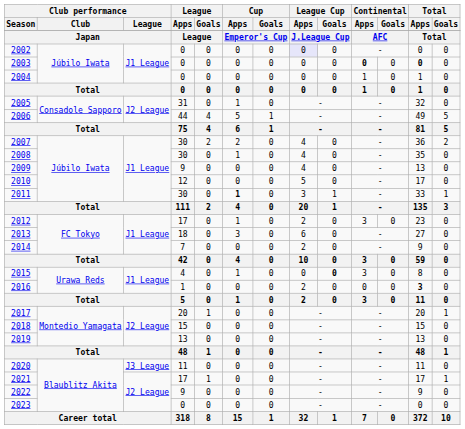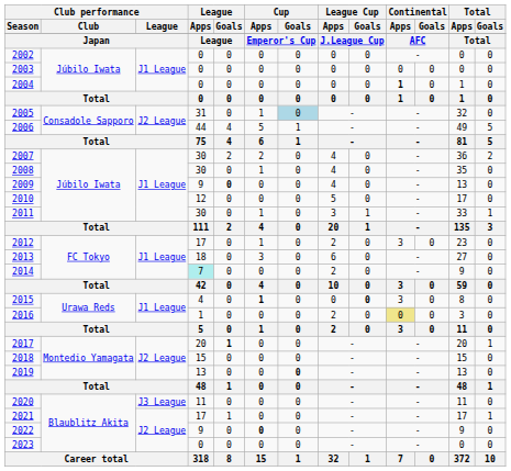 <table class="wikitable" style="text-align:center">
 <tr>
 <th colspan=3>Club performance</th>
 <th colspan=2>League</th>
 <th colspan=2>Cup</th>
 <th colspan=2>League Cup</th>
 <th colspan=2>Continental</th>
 <th colspan=2>Total</th>
 </tr>
 <tr>
 <th>Season</th>
 <th>Club</th>
 <th>League</th>
 <th>Apps</th>
 <th>Goals</th>
 <th>Apps</th>
 <th>Goals</th>
 <th>Apps</th>
 <th>Goals</th>
 <th>Apps</th>
 <th>Goals</th>
 <th>Apps</th>
 <th>Goals</th>
 </tr>
 <tr>
 </tr>
 <tr>
 <th colspan=3>Japan</th>
 <th colspan=2>League</th>
 <th colspan=2><a href='#'>Emperor's Cup</a></th>
 <th colspan=2><a href='#'>J.League Cup</a></th>
 <th colspan=2><a href='#'>AFC</a></th>
 <th colspan=2>Total</th>
 </tr>
 <tr>
 <td><a href='#'>2002</a></td>
 <td rowspan="3"><a href='#'>Júbilo Iwata</a></td>
 <td rowspan="3"><a href='#'>J1 League</a></td>
 <td>0</td>
 <td>0</td>
 <td>0</td>
 <td>0</td>
-<td style="background: lavender;">0</td>
+<td>0</td>
 <td>0</td>
 <td colspan="2">-</td>
 <td>0</td>
 <td>0</td>
 </tr>
 <tr>
 <td><a href='#'>2003</a></td>
 <td>0</td>
 <td>0</td>
 <td>0</td>
 <td>0</td>
 <td>0</td>
 <td>0</td>
-<td><strong>0</strong></td>
 <td>0</td>
-<td><strong>0</strong></td>
+<td>0</td>
+<td>0</td>
 <td>0</td>
 </tr>
 <tr>
 <td><a href='#'>2004</a></td>
 <td>0</td>
 <td>0</td>
 <td>0</td>
 <td>0</td>
 <td>0</td>
 <td>0</td>
-<td>1</td>
+<td><strong>1</strong></td>
 <td>0</td>
 <td>1</td>
 <td>0</td>
 </tr>
 <tr>
 <th colspan="3">Total</th>
 <th>0</th>
 <th>0</th>
 <th>0</th>
 <th>0</th>
 <th>0</th>
 <th>0</th>
 <th>1</th>
 <th>0</th>
 <th>1</th>
 <th>0</th>
 </tr>
 <tr>
 <td><a href='#'>2005</a></td>
 <td rowspan="2"><a href='#'>Consadole Sapporo</a></td>
 <td rowspan="2"><a href='#'>J2 League</a></td>
 <td>31</td>
 <td>0</td>
 <td>1</td>
-<td>0</td>
+<td style="background: lightblue;">0</td>
 <td colspan="2">-</td>
 <td colspan="2">-</td>
 <td>32</td>
 <td>0</td>
 </tr>
 <tr>
 <td><a href='#'>2006</a></td>
 <td>44</td>
 <td>4</td>
 <td>5</td>
 <td>1</td>
 <td colspan="2">-</td>
 <td colspan="2">-</td>
 <td>49</td>
 <td>5</td>
 </tr>
 <tr>
 <th colspan="3">Total</th>
 <th>75</th>
 <th>4</th>
 <th>6</th>
 <th>1</th>
 <th colspan="2">-</th>
 <th colspan="2">-</th>
 <th>81</th>
 <th>5</th>
 </tr>
 <tr>
 <td><a href='#'>2007</a></td>
 <td rowspan="5"><a href='#'>Júbilo Iwata</a></td>
 <td rowspan="5"><a href='#'>J1 League</a></td>
 <td>30</td>
 <td>2</td>
 <td>2</td>
 <td>0</td>
 <td>4</td>
 <td>0</td>
 <td colspan="2">-</td>
 <td>36</td>
 <td>2</td>
 </tr>
 <tr>
 <td><a href='#'>2008</a></td>
 <td>30</td>
 <td>0</td>
 <td>1</td>
 <td>0</td>
 <td>4</td>
 <td>0</td>
 <td colspan="2">-</td>
 <td>35</td>
 <td>0</td>
 </tr>
 <tr>
 <td><a href='#'>2009</a></td>
 <td>9</td>
-<td>0</td>
+<td><strong>0</strong></td>
 <td>0</td>
 <td>0</td>
 <td>4</td>
 <td>0</td>
 <td colspan="2">-</td>
 <td>13</td>
 <td>0</td>
 </tr>
 <tr>
 <td><a href='#'>2010</a></td>
 <td>12</td>
 <td>0</td>
 <td>0</td>
 <td>0</td>
 <td>5</td>
 <td>0</td>
 <td colspan="2">-</td>
 <td>17</td>
 <td>0</td>
 </tr>
 <tr>
 <td><a href='#'>2011</a></td>
 <td>30</td>
 <td>0</td>
-<td><strong>1</strong></td>
+<td>1</td>
 <td>0</td>
 <td>3</td>
 <td>1</td>
 <td colspan="2">-</td>
 <td>33</td>
 <td>1</td>
 </tr>
 <tr>
 <th colspan="3">Total</th>
 <th>111</th>
 <th>2</th>
 <th>4</th>
 <th>0</th>
 <th>20</th>
 <th>1</th>
 <th colspan="2">-</th>
 <th>135</th>
 <th>3</th>
 </tr>
 <tr>
 <td><a href='#'>2012</a></td>
 <td rowspan="3"><a href='#'>FC Tokyo</a></td>
 <td rowspan="3"><a href='#'>J1 League</a></td>
 <td>17</td>
 <td>0</td>
 <td>1</td>
 <td>0</td>
 <td>2</td>
 <td>0</td>
 <td>3</td>
 <td>0</td>
 <td>23</td>
 <td>0</td>
 </tr>
 <tr>
 <td><a href='#'>2013</a></td>
 <td>18</td>
 <td>0</td>
 <td>3</td>
 <td>0</td>
 <td>6</td>
 <td>0</td>
 <td colspan="2">-</td>
 <td>27</td>
 <td>0</td>
 </tr>
 <tr>
 <td><a href='#'>2014</a></td>
-<td>7</td>
+<td style="background: paleturquoise;">7</td>
 <td>0</td>
 <td>0</td>
 <td>0</td>
 <td>2</td>
 <td>0</td>
 <td colspan="2">-</td>
 <td>9</td>
 <td>0</td>
 </tr>
 <tr>
 <th colspan="3">Total</th>
 <th>42</th>
 <th>0</th>
 <th>4</th>
 <th>0</th>
 <th>10</th>
 <th>0</th>
 <th>3</th>
 <th>0</th>
 <th>59</th>
 <th>0</th>
 </tr>
 <tr>
 <td><a href='#'>2015</a></td>
 <td rowspan="2"><a href='#'>Urawa Reds</a></td>
 <td rowspan="2"><a href='#'>J1 League</a></td>
 <td>4</td>
 <td>0</td>
-<td>1</td>
+<td><strong>1</strong></td>
 <td>0</td>
 <td>0</td>
 <td><strong>0</strong></td>
 <td>3</td>
 <td>0</td>
 <td>8</td>
 <td>0</td>
 </tr>
 <tr>
 <td><a href='#'>2016</a></td>
 <td>1</td>
 <td>0</td>
 <td>0</td>
 <td>0</td>
 <td>2</td>
 <td>0</td>
+<td style="background: khaki;">0</td>
 <td>0</td>
-<td>0</td>
-<td><strong>3</strong></td>
+<td>3</td>
 <td>0</td>
 </tr>
 <tr>
 <th colspan="3">Total</th>
 <th>5</th>
 <th>0</th>
 <th>1</th>
 <th>0</th>
 <th>2</th>
 <th>0</th>
 <th>3</th>
 <th>0</th>
 <th>11</th>
 <th>0</th>
 </tr>
 <tr>
 <td><a href='#'>2017</a></td>
 <td rowspan="3"><a href='#'>Montedio Yamagata</a></td>
 <td rowspan="3"><a href='#'>J2 League</a></td>
 <td>20</td>
-<td>1</td>
+<td><strong>1</strong></td>
 <td>0</td>
 <td>0</td>
 <td colspan="2">-</td>
 <td colspan="2">-</td>
 <td>20</td>
 <td>1</td>
 </tr>
 <tr>
 <td><a href='#'>2018</a></td>
 <td>15</td>
 <td>0</td>
 <td>0</td>
 <td>0</td>
 <td colspan="2">-</td>
 <td colspan="2">-</td>
 <td>15</td>
 <td>0</td>
 </tr>
 <tr>
 <td><a href='#'>2019</a></td>
 <td>13</td>
 <td>0</td>
 <td>0</td>
-<td>0</td>
+<td><strong>0</strong></td>
 <td colspan="2">-</td>
 <td colspan="2">-</td>
 <td>13</td>
 <td>0</td>
 </tr>
 <tr>
 <th colspan="3">Total</th>
 <th>48</th>
 <th>1</th>
 <th>0</th>
 <th>0</th>
 <th colspan="2">-</th>
 <th colspan="2">-</th>
 <th>48</th>
 <th>1</th>
 </tr>
 <tr>
 <td><a href='#'>2020</a></td>
 <td rowspan="4"><a href='#'>Blaublitz Akita</a></td>
 <td><a href='#'>J3 League</a></td>
 <td>11</td>
 <td>0</td>
 <td>0</td>
 <td>0</td>
 <td colspan="2">-</td>
 <td colspan="2">-</td>
 <td>11</td>
 <td>0</td>
 </tr>
 <tr>
 <td><a href='#'>2021</a></td>
 <td rowspan=3><a href='#'>J2 League</a></td>
 <td>17</td>
 <td>1</td>
 <td>0</td>
 <td>0</td>
 <td colspan="2">-</td>
 <td colspan="2">-</td>
 <td>17</td>
 <td>1</td>
 </tr>
 <tr>
 <td><a href='#'>2022</a></td>
 <td>9</td>
 <td>0</td>
-<td>0</td>
+<td><strong>0</strong></td>
 <td>0</td>
 <td colspan="2">-</td>
 <td colspan="2">-</td>
 <td>9</td>
 <td>0</td>
 </tr>
 <tr>
 <td><a href='#'>2023</a></td>
 <td>0</td>
 <td>0</td>
 <td>0</td>
 <td>0</td>
 <td colspan="2">-</td>
 <td colspan="2">-</td>
 <td>0</td>
 <td>0</td>
 </tr>
 <tr>
 <th colspan=3>Career total</th>
 <th>318</th>
 <th>8</th>
 <th>15</th>
 <th>1</th>
 <th>32</th>
 <th>1</th>
 <th>7</th>
 <th>0</th>
 <th>372</th>
 <th>10</th>
 </tr>
 </table>
